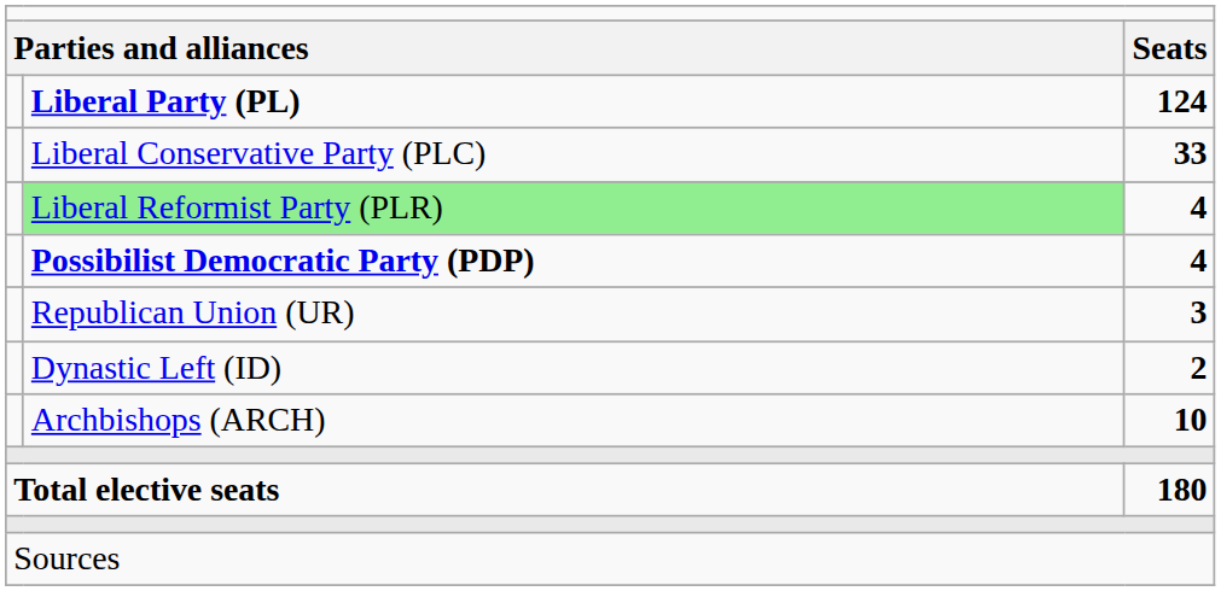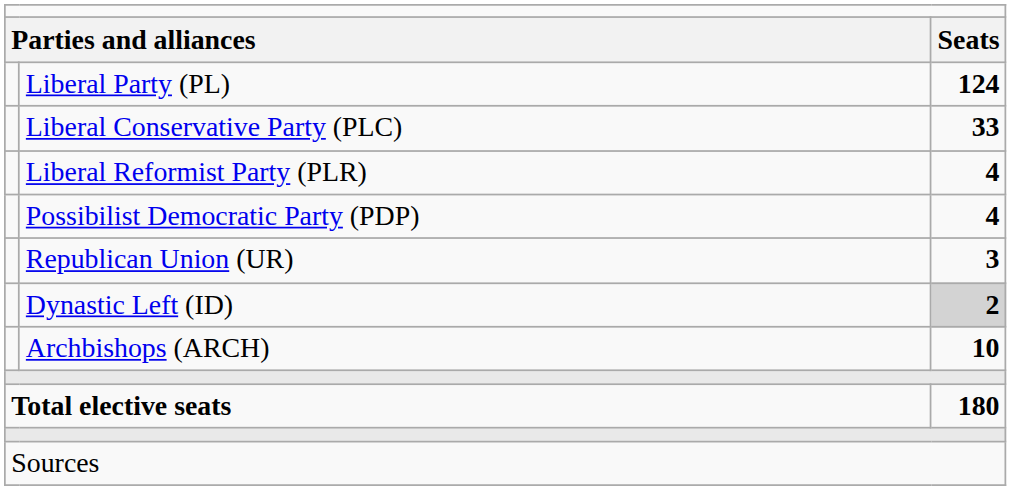 <table class="wikitable" style="text-align:right;">
 <tr>
 <td colspan="3"></td>
 </tr>
 <tr>
 <th style="text-align:left;" colspan="2" width="525">Parties and alliances</th>
 <th width="35">Seats</th>
 </tr>
 <tr>
 <td width="1" style="color:inherit;background:"></td>
-<td align="left"><strong><a href='#'>Liberal Party</a> (PL)</strong></td>
+<td align="left"><a href='#'>Liberal Party</a> (PL)</td>
 <td><strong>124</strong></td>
 </tr>
 <tr>
 <td style="color:inherit;background:"></td>
 <td align="left"><a href='#'>Liberal Conservative Party</a> (PLC)</td>
 <td><strong>33</strong></td>
 </tr>
 <tr>
 <td style="color:inherit;background:"></td>
-<td align="left" style="background: lightgreen;"><a href='#'>Liberal Reformist Party</a> (PLR)</td>
+<td align="left"><a href='#'>Liberal Reformist Party</a> (PLR)</td>
 <td><strong>4</strong></td>
 </tr>
 <tr>
 <td style="color:inherit;background:"></td>
-<td align="left"><strong><a href='#'>Possibilist Democratic Party</a> (PDP)</strong></td>
+<td align="left"><a href='#'>Possibilist Democratic Party</a> (PDP)</td>
 <td><strong>4</strong></td>
 </tr>
 <tr>
 <td style="color:inherit;background:"></td>
 <td align="left"><a href='#'>Republican Union</a> (UR)</td>
 <td><strong>3</strong></td>
 </tr>
 <tr>
 <td style="color:inherit;background:"></td>
 <td align="left"><a href='#'>Dynastic Left</a> (ID)</td>
-<td><strong>2</strong></td>
+<td style="background: lightgrey;"><strong>2</strong></td>
 </tr>
 <tr>
 <td style="color:inherit;background:"></td>
 <td align="left"><a href='#'>Archbishops</a> (ARCH)</td>
 <td><strong>10</strong></td>
 </tr>
 <tr>
 <td colspan="3" bgcolor="#E9E9E9"></td>
 </tr>
 <tr style="font-weight:bold;">
 <td align="left" colspan="2">Total elective seats</td>
 <td>180</td>
 </tr>
 <tr>
 <td colspan="3" bgcolor="#E9E9E9"></td>
 </tr>
 <tr>
 <td align="left" colspan="3">Sources</td>
 </tr>
 </table>
